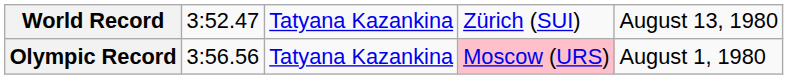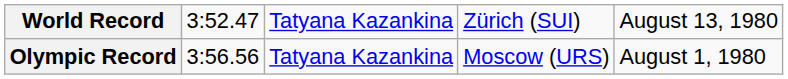 <table class="wikitable">
 <tr>
 <th>World Record</th>
 <td>3:52.47</td>
 <td> <a href='#'>Tatyana Kazankina</a></td>
 <td><a href='#'>Zürich</a> (<a href='#'>SUI</a>)</td>
 <td>August 13, 1980</td>
 </tr>
 <tr>
 <th>Olympic Record</th>
 <td>3:56.56</td>
 <td> <a href='#'>Tatyana Kazankina</a></td>
-<td style="background: pink;"><a href='#'>Moscow</a> (<a href='#'>URS</a>)</td>
+<td><a href='#'>Moscow</a> (<a href='#'>URS</a>)</td>
 <td>August 1, 1980</td>
 </tr>
 </table>
